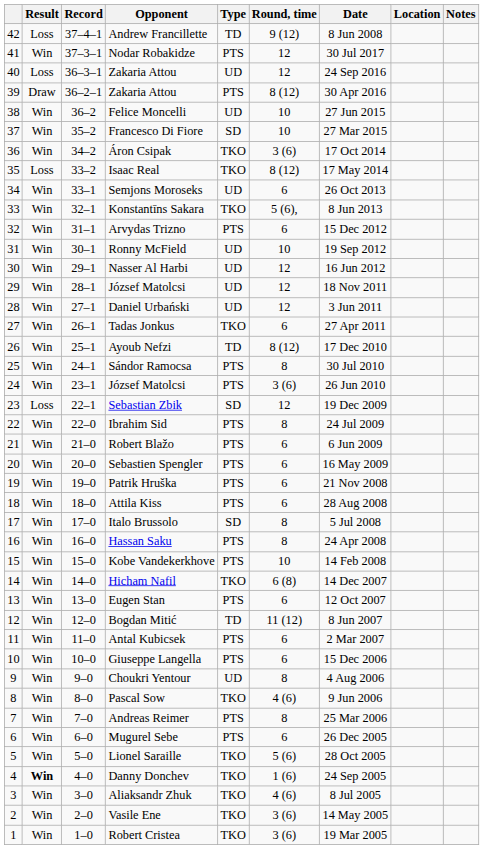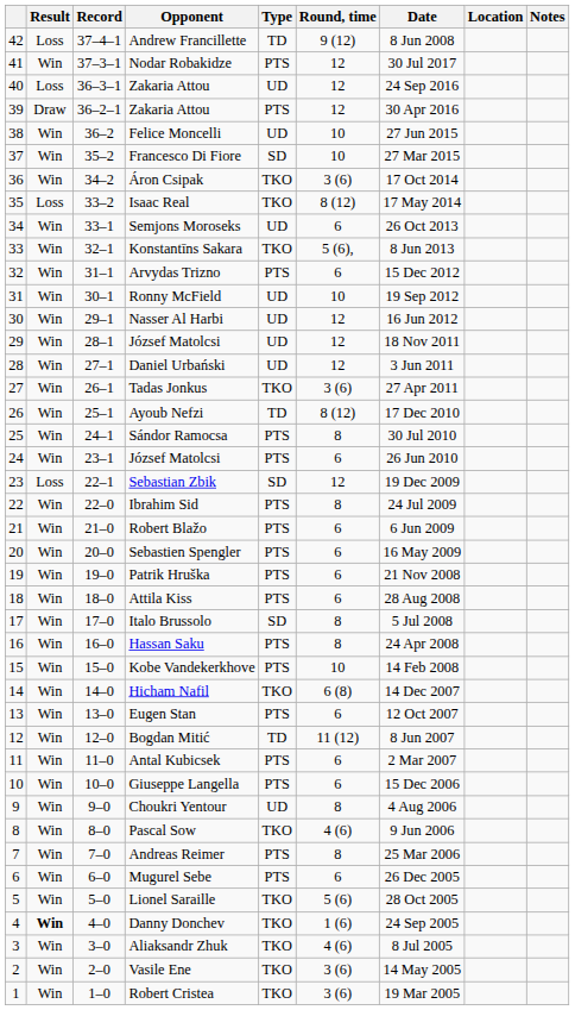 <table class="wikitable" style="text-align:center">
 <tr>
 <th></th>
 <th>Result</th>
 <th>Record</th>
 <th>Opponent</th>
 <th>Type</th>
 <th>Round, time</th>
 <th>Date</th>
 <th>Location</th>
 <th>Notes</th>
 </tr>
 <tr>
 <td>42</td>
 <td>Loss</td>
 <td>37–4–1</td>
 <td style="text-align:left;"> Andrew Francillette</td>
 <td>TD</td>
 <td>9 (12)</td>
 <td>8 Jun 2008</td>
 <td style="text-align:left;"> </td>
 <td style="text-align:left;"></td>
 </tr>
 <tr>
 <td>41</td>
 <td>Win</td>
 <td>37–3–1</td>
 <td style="text-align:left;"> Nodar Robakidze</td>
 <td>PTS</td>
 <td>12</td>
 <td>30 Jul 2017</td>
 <td style="text-align:left;"> </td>
 <td></td>
 </tr>
 <tr>
 <td>40</td>
 <td>Loss</td>
 <td>36–3–1</td>
 <td style="text-align:left;"> Zakaria Attou</td>
 <td>UD</td>
 <td>12</td>
 <td>24 Sep 2016</td>
 <td style="text-align:left;"> </td>
 <td style="text-align:left;"></td>
 </tr>
 <tr>
 <td>39</td>
 <td>Draw</td>
 <td>36–2–1</td>
 <td style="text-align:left;"> Zakaria Attou</td>
 <td>PTS</td>
-<td>8 (12)</td>
+<td>12</td>
 <td>30 Apr 2016</td>
 <td style="text-align:left;"> </td>
 <td style="text-align:left;"></td>
 </tr>
 <tr>
 <td>38</td>
 <td>Win</td>
 <td>36–2</td>
 <td style="text-align:left;"> Felice Moncelli</td>
 <td>UD</td>
 <td>10</td>
 <td>27 Jun 2015</td>
 <td style="text-align:left;"> </td>
 <td style="text-align:left;"></td>
 </tr>
 <tr>
 <td>37</td>
 <td>Win</td>
 <td>35–2</td>
 <td style="text-align:left;"> Francesco Di Fiore</td>
 <td>SD</td>
 <td>10</td>
 <td>27 Mar 2015</td>
 <td style="text-align:left;"> </td>
 <td style="text-align:left;"></td>
 </tr>
 <tr>
 <td>36</td>
 <td>Win</td>
 <td>34–2</td>
 <td style="text-align:left;"> Áron Csipak</td>
 <td>TKO</td>
 <td>3 (6)</td>
 <td>17 Oct 2014</td>
 <td style="text-align:left;"> </td>
 <td></td>
 </tr>
 <tr>
 <td>35</td>
 <td>Loss</td>
 <td>33–2</td>
 <td style="text-align:left;"> Isaac Real</td>
 <td>TKO</td>
 <td>8 (12)</td>
 <td>17 May 2014</td>
 <td style="text-align:left;"> </td>
 <td style="text-align:left;"></td>
 </tr>
 <tr>
 <td>34</td>
 <td>Win</td>
 <td>33–1</td>
 <td style="text-align:left;"> Semjons Moroseks</td>
 <td>UD</td>
 <td>6</td>
 <td>26 Oct 2013</td>
 <td style="text-align:left;"> </td>
 <td></td>
 </tr>
 <tr>
 <td>33</td>
 <td>Win</td>
 <td>32–1</td>
 <td style="text-align:left;">Konstantīns Sakara</td>
 <td>TKO</td>
 <td>5 (6), </td>
 <td>8 Jun 2013</td>
 <td style="text-align:left;"> </td>
 <td></td>
 </tr>
 <tr>
 <td>32</td>
 <td>Win</td>
 <td>31–1</td>
 <td style="text-align:left;"> Arvydas Trizno</td>
 <td>PTS</td>
 <td>6</td>
 <td>15 Dec 2012</td>
 <td style="text-align:left;"> </td>
 <td></td>
 </tr>
 <tr>
 <td>31</td>
 <td>Win</td>
 <td>30–1</td>
 <td style="text-align:left;"> Ronny McField</td>
 <td>UD</td>
 <td>10</td>
 <td>19 Sep 2012</td>
 <td style="text-align:left;"> </td>
 <td></td>
 </tr>
 <tr>
 <td>30</td>
 <td>Win</td>
 <td>29–1</td>
 <td style="text-align:left;"> Nasser Al Harbi</td>
 <td>UD</td>
 <td>12</td>
 <td>16 Jun 2012</td>
 <td style="text-align:left;"> </td>
 <td style="text-align:left;"></td>
 </tr>
 <tr>
 <td>29</td>
 <td>Win</td>
 <td>28–1</td>
 <td style="text-align:left;"> József Matolcsi</td>
 <td>UD</td>
 <td>12</td>
 <td>18 Nov 2011</td>
 <td style="text-align:left;"> </td>
 <td style="text-align:left;"></td>
 </tr>
 <tr>
 <td>28</td>
 <td>Win</td>
 <td>27–1</td>
 <td style="text-align:left;"> Daniel Urbański</td>
 <td>UD</td>
 <td>12</td>
 <td>3 Jun 2011</td>
 <td style="text-align:left;"> </td>
 <td style="text-align:left;"></td>
 </tr>
 <tr>
 <td>27</td>
 <td>Win</td>
 <td>26–1</td>
 <td style="text-align:left;"> Tadas Jonkus</td>
 <td>TKO</td>
-<td>6</td>
+<td>3 (6)</td>
 <td>27 Apr 2011</td>
 <td style="text-align:left;"> </td>
 <td></td>
 </tr>
 <tr>
 <td>26</td>
 <td>Win</td>
 <td>25–1</td>
 <td style="text-align:left;"> Ayoub Nefzi</td>
 <td>TD</td>
 <td>8 (12)</td>
 <td>17 Dec 2010</td>
 <td style="text-align:left;"> </td>
 <td style="text-align:left;"></td>
 </tr>
 <tr>
 <td>25</td>
 <td>Win</td>
 <td>24–1</td>
 <td style="text-align:left;"> Sándor Ramocsa</td>
 <td>PTS</td>
 <td>8</td>
 <td>30 Jul 2010</td>
 <td style="text-align:left;"> </td>
 <td></td>
 </tr>
 <tr>
 <td>24</td>
 <td>Win</td>
 <td>23–1</td>
 <td style="text-align:left;"> József Matolcsi</td>
 <td>PTS</td>
-<td>3 (6)</td>
+<td>6</td>
 <td>26 Jun 2010</td>
 <td style="text-align:left;"> </td>
 <td></td>
 </tr>
 <tr>
 <td>23</td>
 <td>Loss</td>
 <td>22–1</td>
 <td style="text-align:left;"> <a href='#'>Sebastian Zbik</a></td>
 <td>SD</td>
 <td>12</td>
 <td>19 Dec 2009</td>
 <td style="text-align:left;"> </td>
 <td style="text-align:left;"></td>
 </tr>
 <tr>
 <td>22</td>
 <td>Win</td>
 <td>22–0</td>
 <td style="text-align:left;"> Ibrahim Sid</td>
 <td>PTS</td>
 <td>8</td>
 <td>24 Jul 2009</td>
 <td style="text-align:left;"> </td>
 <td></td>
 </tr>
 <tr>
 <td>21</td>
 <td>Win</td>
 <td>21–0</td>
 <td style="text-align:left;"> Robert Blažo</td>
 <td>PTS</td>
 <td>6</td>
 <td>6 Jun 2009</td>
 <td style="text-align:left;"> </td>
 <td></td>
 </tr>
 <tr>
 <td>20</td>
 <td>Win</td>
 <td>20–0</td>
 <td style="text-align:left;"> Sebastien Spengler</td>
 <td>PTS</td>
 <td>6</td>
 <td>16 May 2009</td>
 <td style="text-align:left;"> </td>
 <td></td>
 </tr>
 <tr>
 <td>19</td>
 <td>Win</td>
 <td>19–0</td>
 <td style="text-align:left;"> Patrik Hruška</td>
 <td>PTS</td>
 <td>6</td>
 <td>21 Nov 2008</td>
 <td style="text-align:left;"> </td>
 <td></td>
 </tr>
 <tr>
 <td>18</td>
 <td>Win</td>
 <td>18–0</td>
 <td style="text-align:left;"> Attila Kiss</td>
 <td>PTS</td>
 <td>6</td>
 <td>28 Aug 2008</td>
 <td style="text-align:left;"> </td>
 <td></td>
 </tr>
 <tr>
 <td>17</td>
 <td>Win</td>
 <td>17–0</td>
 <td style="text-align:left;"> Italo Brussolo</td>
 <td>SD</td>
 <td>8</td>
 <td>5 Jul 2008</td>
 <td style="text-align:left;"> </td>
 <td></td>
 </tr>
 <tr>
 <td>16</td>
 <td>Win</td>
 <td>16–0</td>
 <td style="text-align:left;"> <a href='#'>Hassan Saku</a></td>
 <td>PTS</td>
 <td>8</td>
 <td>24 Apr 2008</td>
 <td style="text-align:left;"> </td>
 <td></td>
 </tr>
 <tr>
 <td>15</td>
 <td>Win</td>
 <td>15–0</td>
 <td style="text-align:left;"> Kobe Vandekerkhove</td>
 <td>PTS</td>
 <td>10</td>
 <td>14 Feb 2008</td>
 <td style="text-align:left;"> </td>
 <td></td>
 </tr>
 <tr>
 <td>14</td>
 <td>Win</td>
 <td>14–0</td>
 <td style="text-align:left;"> <a href='#'>Hicham Nafil</a></td>
 <td>TKO</td>
 <td>6 (8)</td>
 <td>14 Dec 2007</td>
 <td style="text-align:left;"> </td>
 <td></td>
 </tr>
 <tr>
 <td>13</td>
 <td>Win</td>
 <td>13–0</td>
 <td style="text-align:left;"> Eugen Stan</td>
 <td>PTS</td>
 <td>6</td>
 <td>12 Oct 2007</td>
 <td style="text-align:left;"> </td>
 <td></td>
 </tr>
 <tr>
 <td>12</td>
 <td>Win</td>
 <td>12–0</td>
 <td style="text-align:left;"> Bogdan Mitić</td>
 <td>TD</td>
 <td>11 (12)</td>
 <td>8 Jun 2007</td>
 <td style="text-align:left;"> </td>
 <td style="text-align:left;"></td>
 </tr>
 <tr>
 <td>11</td>
 <td>Win</td>
 <td>11–0</td>
 <td style="text-align:left;"> Antal Kubicsek</td>
 <td>PTS</td>
 <td>6</td>
 <td>2 Mar 2007</td>
 <td style="text-align:left;"> </td>
 <td></td>
 </tr>
 <tr>
 <td>10</td>
 <td>Win</td>
 <td>10–0</td>
 <td style="text-align:left;"> Giuseppe Langella</td>
 <td>PTS</td>
 <td>6</td>
 <td>15 Dec 2006</td>
 <td style="text-align:left;"> </td>
 <td></td>
 </tr>
 <tr>
 <td>9</td>
 <td>Win</td>
 <td>9–0</td>
 <td style="text-align:left;"> Choukri Yentour</td>
 <td>UD</td>
 <td>8</td>
 <td>4 Aug 2006</td>
 <td style="text-align:left;"> </td>
 <td style="text-align:left;"></td>
 </tr>
 <tr>
 <td>8</td>
 <td>Win</td>
 <td>8–0</td>
 <td style="text-align:left;"> Pascal Sow</td>
 <td>TKO</td>
 <td>4 (6)</td>
 <td>9 Jun 2006</td>
 <td style="text-align:left;"> </td>
 <td></td>
 </tr>
 <tr>
 <td>7</td>
 <td>Win</td>
 <td>7–0</td>
 <td style="text-align:left;"> Andreas Reimer</td>
 <td>PTS</td>
 <td>8</td>
 <td>25 Mar 2006</td>
 <td style="text-align:left;"> </td>
 <td></td>
 </tr>
 <tr>
 <td>6</td>
 <td>Win</td>
 <td>6–0</td>
 <td style="text-align:left;"> Mugurel Sebe</td>
 <td>PTS</td>
 <td>6</td>
 <td>26 Dec 2005</td>
 <td style="text-align:left;"> </td>
 <td></td>
 </tr>
 <tr>
 <td>5</td>
 <td>Win</td>
 <td>5–0</td>
 <td style="text-align:left;"> Lionel Saraille</td>
 <td>TKO</td>
 <td>5 (6)</td>
 <td>28 Oct 2005</td>
 <td style="text-align:left;"> </td>
 <td></td>
 </tr>
 <tr>
 <td>4</td>
 <td><strong>Win</strong></td>
 <td>4–0</td>
 <td style="text-align:left;"> Danny Donchev</td>
 <td>TKO</td>
 <td>1 (6)</td>
 <td>24 Sep 2005</td>
 <td style="text-align:left;"> </td>
 <td></td>
 </tr>
 <tr>
 <td>3</td>
 <td>Win</td>
 <td>3–0</td>
 <td style="text-align:left;"> Aliaksandr Zhuk</td>
 <td>TKO</td>
 <td>4 (6)</td>
 <td>8 Jul 2005</td>
 <td style="text-align:left;"> </td>
 <td></td>
 </tr>
 <tr>
 <td>2</td>
 <td>Win</td>
 <td>2–0</td>
 <td style="text-align:left;"> Vasile Ene</td>
 <td>TKO</td>
 <td>3 (6)</td>
 <td>14 May 2005</td>
 <td style="text-align:left;"> </td>
 <td></td>
 </tr>
 <tr>
 <td>1</td>
 <td>Win</td>
 <td>1–0</td>
 <td style="text-align:left;"> Robert Cristea</td>
 <td>TKO</td>
 <td>3 (6)</td>
 <td>19 Mar 2005</td>
 <td style="text-align:left;"> </td>
 <td></td>
 </tr>
 </table>
